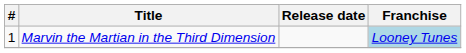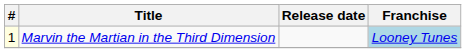 <table class="wikitable sortable" style="font-size:95%;">
 <tr>
 <th>#</th>
 <th>Title</th>
 <th>Release date</th>
 <th>Franchise</th>
 </tr>
 <tr>
-<td>1</td>
+<td style="background: lightyellow;">1</td>
 <td><em><a href='#'>Marvin the Martian in the Third Dimension</a></em></td>
 <td></td>
 <td style="background: lightblue;"><em><a href='#'>Looney Tunes</a></em></td>
 </tr>
 <tr>
 </tr>
 </table>
